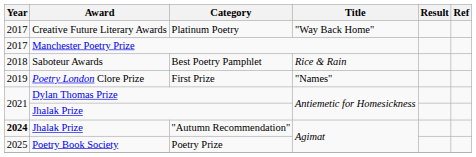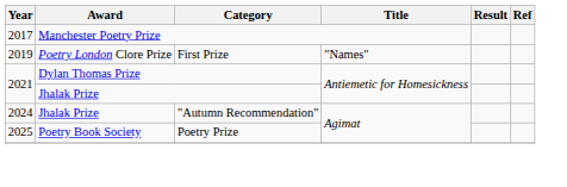 <table class="wikitable sortable">
 <tr>
 <th>Year</th>
 <th>Award</th>
 <th>Category</th>
 <th>Title</th>
 <th>Result</th>
 <th>Ref</th>
 </tr>
 <tr>
 <td>2017</td>
-<td>Creative Future Literary Awards</td>
-<td>Platinum Poetry</td>
-<td>"Way Back Home"</td>
-<td></td>
-<td></td>
-</tr>
-<tr>
-<td>2017</td>
 <td colspan="3"><a href='#'>Manchester Poetry Prize</a></td>
-<td></td>
-<td></td>
-</tr>
-<tr>
-<td>2018</td>
-<td>Saboteur Awards</td>
-<td>Best Poetry Pamphlet</td>
-<td><em>Rice & Rain</em></td>
 <td></td>
 <td></td>
 </tr>
 <tr>
 <td>2019</td>
 <td><em><a href='#'>Poetry London</a></em> Clore Prize</td>
 <td>First Prize</td>
 <td>"Names"</td>
 <td></td>
 <td></td>
 </tr>
 <tr>
 <td rowspan="2">2021</td>
 <td colspan="2"><a href='#'>Dylan Thomas Prize</a></td>
 <td rowspan="2"><em>Antiemetic for Homesickness</em></td>
 <td></td>
 <td></td>
 </tr>
 <tr>
 <td colspan="2"><a href='#'>Jhalak Prize</a></td>
 <td></td>
 <td></td>
 </tr>
 <tr>
-<td><strong>2024</strong></td>
+<td>2024</td>
 <td><a href='#'>Jhalak Prize</a></td>
 <td>"Autumn Recommendation"</td>
 <td rowspan="2"><em>Agimat</em></td>
 <td></td>
 </tr>
 <tr>
 <td>2025</td>
 <td><a href='#'>Poetry Book Society</a></td>
 <td>Poetry Prize</td>
 <td></td>
 <td></td>
 </tr>
 <tr>
 </tr>
 </table>
